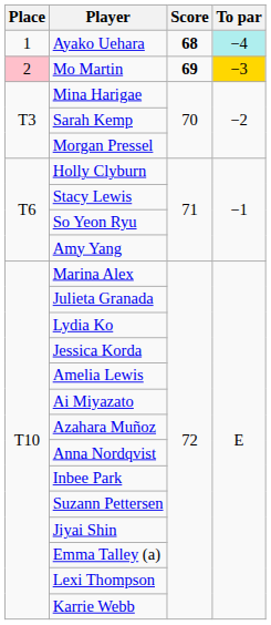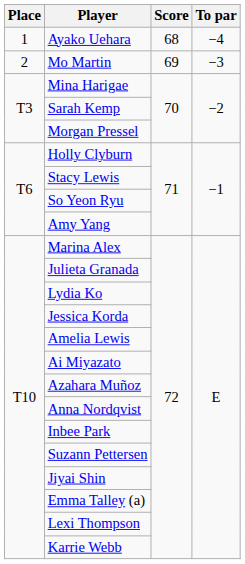 <table class="wikitable">
 <tr>
 <th>Place</th>
 <th>Player</th>
 <th>Score</th>
 <th>To par</th>
 </tr>
 <tr>
 <td align=center>1</td>
 <td> <a href='#'>Ayako Uehara</a></td>
-<td align=center><strong>68</strong></td>
-<td align=center style="background: paleturquoise;">−4</td>
+<td align=center>68</td>
+<td align=center>−4</td>
 </tr>
 <tr>
-<td align=center style="background: pink;">2</td>
+<td align=center>2</td>
 <td> <a href='#'>Mo Martin</a></td>
-<td align=center><strong>69</strong></td>
-<td align=center style="background: gold;">−3</td>
+<td align=center>69</td>
+<td align=center>−3</td>
 </tr>
 <tr>
 <td rowspan=3 align=center>T3</td>
 <td> <a href='#'>Mina Harigae</a></td>
 <td rowspan=3 align=center>70</td>
 <td rowspan=3 align=center>−2</td>
 </tr>
 <tr>
 <td> <a href='#'>Sarah Kemp</a></td>
 </tr>
 <tr>
 <td> <a href='#'>Morgan Pressel</a></td>
 </tr>
 <tr>
 <td rowspan=4 align=center>T6</td>
 <td> <a href='#'>Holly Clyburn</a></td>
 <td rowspan=4 align=center>71</td>
 <td rowspan=4 align=center>−1</td>
 </tr>
 <tr>
 <td> <a href='#'>Stacy Lewis</a></td>
 </tr>
 <tr>
 <td> <a href='#'>So Yeon Ryu</a></td>
 </tr>
 <tr>
 <td> <a href='#'>Amy Yang</a></td>
 </tr>
 <tr>
 <td rowspan=14 align=center>T10</td>
 <td> <a href='#'>Marina Alex</a></td>
 <td rowspan=14 align=center>72</td>
 <td rowspan=14 align=center>E</td>
 </tr>
 <tr>
 <td> <a href='#'>Julieta Granada</a></td>
 </tr>
 <tr>
 <td> <a href='#'>Lydia Ko</a></td>
 </tr>
 <tr>
 <td> <a href='#'>Jessica Korda</a></td>
 </tr>
 <tr>
 <td> <a href='#'>Amelia Lewis</a></td>
 </tr>
 <tr>
 <td> <a href='#'>Ai Miyazato</a></td>
 </tr>
 <tr>
 <td> <a href='#'>Azahara Muñoz</a></td>
 </tr>
 <tr>
 <td> <a href='#'>Anna Nordqvist</a></td>
 </tr>
 <tr>
 <td> <a href='#'>Inbee Park</a></td>
 </tr>
 <tr>
 <td> <a href='#'>Suzann Pettersen</a></td>
 </tr>
 <tr>
 <td> <a href='#'>Jiyai Shin</a></td>
 </tr>
 <tr>
 <td> <a href='#'>Emma Talley</a> (a)</td>
 </tr>
 <tr>
 <td> <a href='#'>Lexi Thompson</a></td>
 </tr>
 <tr>
 <td> <a href='#'>Karrie Webb</a></td>
 </tr>
 </table>
